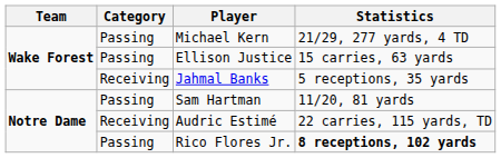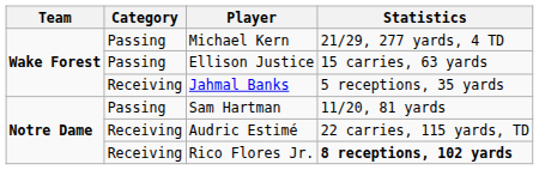 <table class="wikitable" style="float: right;">
 <tr>
 <th>Team</th>
 <th>Category</th>
 <th>Player</th>
 <th>Statistics</th>
 </tr>
 <tr>
 <td rowspan=3><strong>Wake Forest</strong></td>
 <td>Passing</td>
 <td>Michael Kern</td>
 <td>21/29, 277 yards, 4 TD</td>
 </tr>
 <tr>
 <td>Passing</td>
 <td>Ellison Justice</td>
 <td>15 carries, 63 yards</td>
 </tr>
 <tr>
 <td>Receiving</td>
 <td><a href='#'>Jahmal Banks</a></td>
 <td>5 receptions, 35 yards</td>
 </tr>
 <tr>
 <td rowspan=3><strong>Notre Dame</strong></td>
 <td>Passing</td>
 <td>Sam Hartman</td>
 <td>11/20, 81 yards</td>
 </tr>
 <tr>
 <td>Receiving</td>
 <td>Audric Estimé</td>
 <td>22 carries, 115 yards, TD</td>
 </tr>
 <tr>
-<td>Passing</td>
+<td>Receiving</td>
 <td>Rico Flores Jr.</td>
 <td><strong>8 receptions, 102 yards</strong></td>
 </tr>
 </table>
